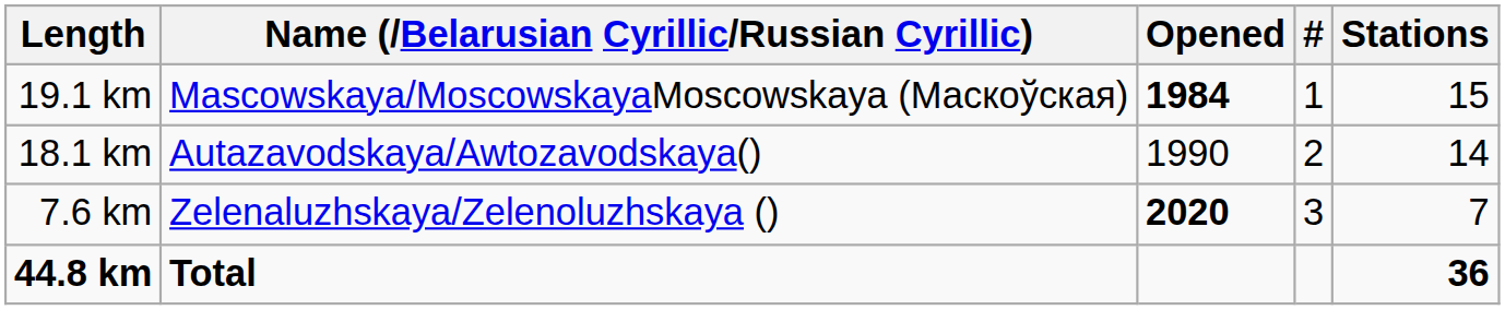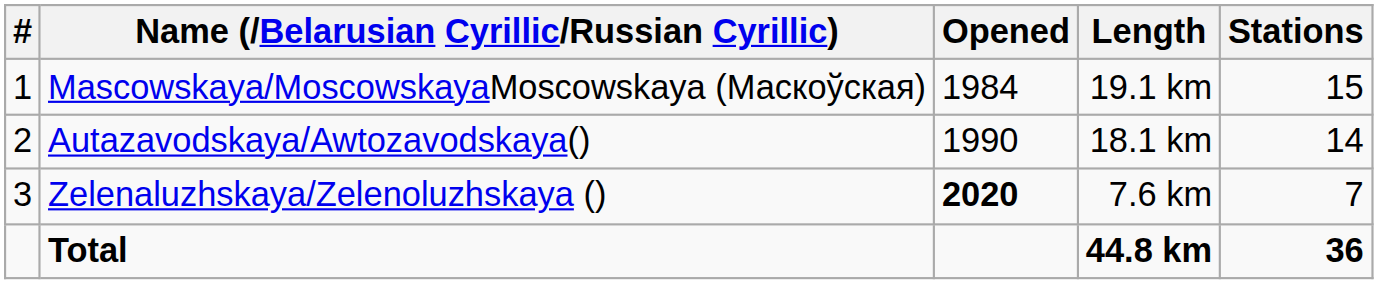 <table class="wikitable">
 <tr>
-<th>Length</th>
+<th>#</th>
 <th>Name (/<a href='#'>Belarusian</a> <a href='#'>Cyrillic</a>/Russian <a href='#'>Cyrillic</a>)</th>
 <th>Opened</th>
-<th>#</th>
+<th>Length</th>
 <th>Stations</th>
 </tr>
 <tr>
+<td style="background: #">1</td>
+<td><a href='#'>Mascowskaya/Moscowskaya</a>Moscowskaya (Маскоўская)</td>
+<td>1984</td>
 <td align="right">19.1 km</td>
-<td><a href='#'>Mascowskaya/Moscowskaya</a>Moscowskaya (Маскоўская)</td>
-<td><strong>1984</strong></td>
-<td style="background: #">1</td>
 <td align="right">15</td>
 </tr>
 <tr>
-<td align="right">18.1 km</td>
+<td style="background: #">2</td>
 <td><a href='#'>Autazavodskaya/Awtozavodskaya</a>()</td>
 <td>1990</td>
-<td style="background: #">2</td>
+<td align="right">18.1 km</td>
 <td align="right">14</td>
 </tr>
 <tr>
-<td align="right">7.6 km</td>
+<td style="background: #">3</td>
 <td><a href='#'>Zelenaluzhskaya/Zelenoluzhskaya</a> ()</td>
 <td><strong>2020</strong></td>
-<td style="background: #">3</td>
+<td align="right">7.6 km</td>
 <td align="right">7</td>
 </tr>
 <tr>
-<td align="right"><strong>44.8 km</strong></td>
+<td></td>
 <td><strong>Total</strong></td>
 <td></td>
-<td></td>
+<td align="right"><strong>44.8 km</strong></td>
 <td align="right"><strong>36</strong></td>
 </tr>
 </table>
